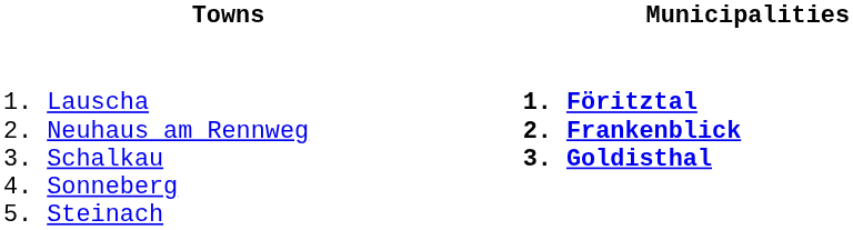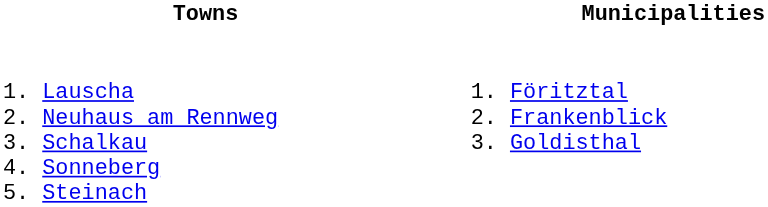 <table>
 <tr>
 <th width=33%>Towns</th>
 <th width=33%>Municipalities</th>
 </tr>
 <tr valign=top>
 <td><br><ol><li><a href='#'>Lauscha</a></li><li><a href='#'>Neuhaus am Rennweg</a></li><li><a href='#'>Schalkau</a></li><li><a href='#'>Sonneberg</a></li><li><a href='#'>Steinach</a></li></ol></td>
-<td><strong><br><ol><li><a href='#'>Föritztal</a></li><li><a href='#'>Frankenblick</a></li><li><a href='#'>Goldisthal</a></li></ol></strong></td>
+<td><br><ol><li><a href='#'>Föritztal</a></li><li><a href='#'>Frankenblick</a></li><li><a href='#'>Goldisthal</a></li></ol></td>
 </tr>
 </table>
